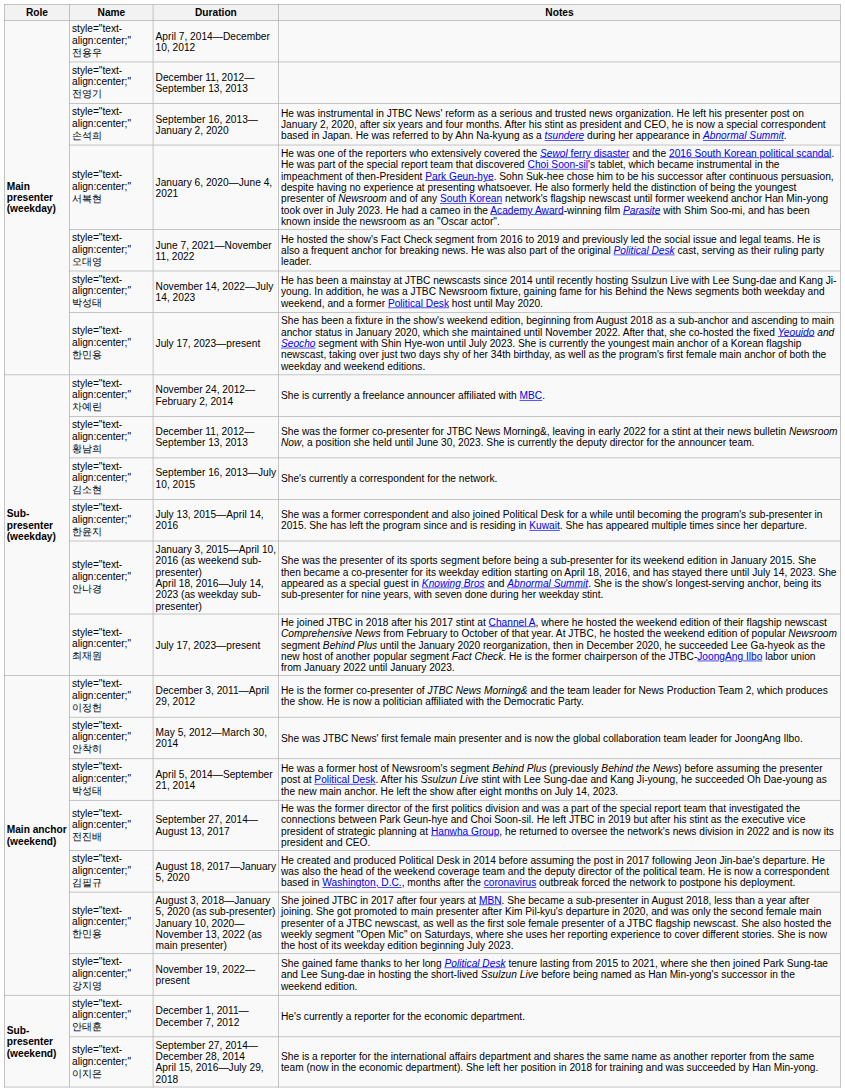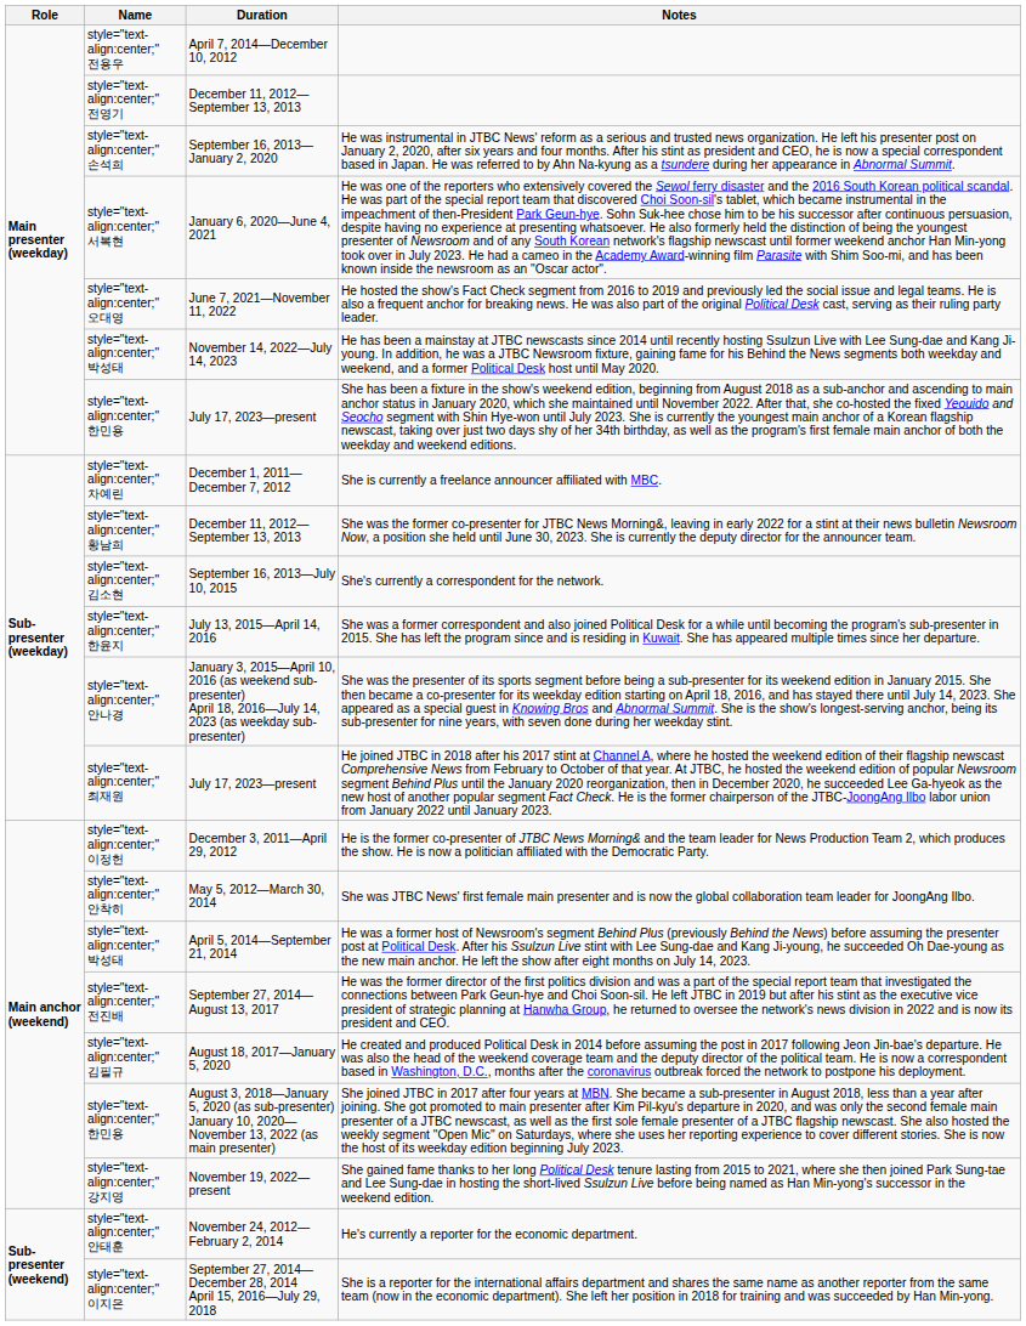 <table class="wikitable" style="font-size:95%">
 <tr>
 <th>Role</th>
 <th style="width:10%; text-align:center;">Name</th>
 <th style="width:15%; text-align:center;">Duration</th>
 <th>Notes</th>
 </tr>
 <tr>
 <td rowspan="7"><strong>Main presenter (weekday)</strong></td>
 <td>style="text-align:center;" <br>전용우</td>
 <td>April 7, 2014—December 10, 2012</td>
 <td></td>
 </tr>
 <tr>
 <td>style="text-align:center;" <br>전영기</td>
 <td>December 11, 2012—September 13, 2013</td>
 <td></td>
 </tr>
 <tr>
 <td>style="text-align:center;" <br>손석희</td>
 <td>September 16, 2013—January 2, 2020</td>
 <td>He was instrumental in JTBC News' reform as a serious and trusted news organization. He left his presenter post on January 2, 2020, after six years and four months. After his stint as president and CEO, he is now a special correspondent based in Japan. He was referred to by Ahn Na-kyung as a <em><a href='#'>tsundere</a></em> during her appearance in <em><a href='#'>Abnormal Summit</a></em>.</td>
 </tr>
 <tr>
 <td>style="text-align:center;" <br>서복현</td>
 <td>January 6, 2020—June 4, 2021</td>
 <td>He was one of the reporters who extensively covered the <a href='#'><em>Sewol</em> ferry disaster</a> and the <a href='#'>2016 South Korean political scandal</a>. He was part of the special report team that discovered <a href='#'>Choi Soon-sil</a>'s tablet, which became instrumental in the impeachment of then-President <a href='#'>Park Geun-hye</a>. Sohn Suk-hee chose him to be his successor after continuous persuasion, despite having no experience at presenting whatsoever. He also formerly held the distinction of being the youngest presenter of <em>Newsroom</em> and of any <a href='#'>South Korean</a> network's flagship newscast until former weekend anchor Han Min-yong took over in July 2023. He had a cameo in the <a href='#'>Academy Award</a>-winning film <em><a href='#'>Parasite</a></em> with Shim Soo-mi, and has been known inside the newsroom as an "Oscar actor".</td>
 </tr>
 <tr>
 <td>style="text-align:center;" <br>오대영</td>
 <td>June 7, 2021—November 11, 2022</td>
 <td>He hosted the show's Fact Check segment from 2016 to 2019 and previously led the social issue and legal teams. He is also a frequent anchor for breaking news. He was also part of the original <em><a href='#'>Political Desk</a></em> cast, serving as their ruling party leader.</td>
 </tr>
 <tr>
 <td>style="text-align:center;" <br>박성태</td>
 <td>November 14, 2022—July 14, 2023</td>
 <td>He has been a mainstay at JTBC newscasts since 2014 until recently hosting Ssulzun Live with Lee Sung-dae and Kang Ji-young. In addition, he was a JTBC Newsroom fixture, gaining fame for his Behind the News segments both weekday and weekend, and a former <a href='#'>Political Desk</a> host until May 2020.</td>
 </tr>
 <tr>
 <td>style="text-align:center;" <br>한민용</td>
 <td>July 17, 2023—present</td>
 <td>She has been a fixture in the show's weekend edition, beginning from August 2018 as a sub-anchor and ascending to main anchor status in January 2020, which she maintained until November 2022. After that, she co-hosted the fixed <em><a href='#'>Yeouido</a></em> <em>and <a href='#'>Seocho</a></em> segment with Shin Hye-won until July 2023. She is currently the youngest main anchor of a Korean flagship newscast, taking over just two days shy of her 34th birthday, as well as the program's first female main anchor of both the weekday and weekend editions.</td>
 </tr>
 <tr>
 <td rowspan="6"><strong>Sub-presenter (weekday)</strong></td>
 <td>style="text-align:center;" <br>차예린</td>
-<td>November 24, 2012—February 2, 2014</td>
+<td>December 1, 2011—December 7, 2012</td>
 <td>She is currently a freelance announcer affiliated with <a href='#'>MBC</a>.</td>
 </tr>
 <tr>
 <td>style="text-align:center;" <br>황남희</td>
 <td>December 11, 2012—September 13, 2013</td>
 <td>She was the former co-presenter for JTBC News Morning&, leaving in early 2022 for a stint at their news bulletin <em>Newsroom Now</em>, a position she held until June 30, 2023. She is currently the deputy director for the announcer team.</td>
 </tr>
 <tr>
 <td>style="text-align:center;" <br>김소현</td>
 <td>September 16, 2013—July 10, 2015</td>
 <td>She's currently a correspondent for the network.</td>
 </tr>
 <tr>
 <td>style="text-align:center;" <br>한윤지</td>
 <td>July 13, 2015—April 14, 2016</td>
 <td>She was a former correspondent and also joined Political Desk for a while until becoming the program's sub-presenter in 2015. She has left the program since and is residing in <a href='#'>Kuwait</a>. She has appeared multiple times since her departure.</td>
 </tr>
 <tr>
 <td>style="text-align:center;" <br>안나경</td>
 <td>January 3, 2015—April 10, 2016 (as weekend sub-presenter)<br>April 18, 2016—July 14, 2023 (as weekday sub-presenter)</td>
 <td>She was the presenter of its sports segment before being a sub-presenter for its weekend edition in January 2015. She then became a co-presenter for its weekday edition starting on April 18, 2016, and has stayed there until July 14, 2023. She appeared as a special guest in <em><a href='#'>Knowing Bros</a></em> and <em><a href='#'>Abnormal Summit</a></em>. She is the show's longest-serving anchor, being its sub-presenter for nine years, with seven done during her weekday stint.</td>
 </tr>
 <tr>
 <td>style="text-align:center;" <br>최재원</td>
 <td>July 17, 2023—present</td>
 <td>He joined JTBC in 2018 after his 2017 stint at <a href='#'>Channel A</a>, where he hosted the weekend edition of their flagship newscast <em>Comprehensive News</em> from February to October of that year. At JTBC, he hosted the weekend edition of popular <em>Newsroom</em> segment <em>Behind Plus</em> until the January 2020 reorganization, then in December 2020, he succeeded Lee Ga-hyeok as the new host of another popular segment <em>Fact Check</em>. He is the former chairperson of the JTBC-<a href='#'>JoongAng Ilbo</a> labor union from January 2022 until January 2023.</td>
 </tr>
 <tr>
 <td rowspan="7"><strong>Main anchor (weekend)</strong></td>
 <td>style="text-align:center;" <br>이정헌</td>
 <td>December 3, 2011—April 29, 2012</td>
 <td>He is the former co-presenter of <em>JTBC News Morning&</em> and the team leader for News Production Team 2, which produces the show. He is now a politician affiliated with the Democratic Party.</td>
 </tr>
 <tr>
 <td>style="text-align:center;" <br>안착히</td>
 <td>May 5, 2012—March 30, 2014</td>
 <td>She was JTBC News' first female main presenter and is now the global collaboration team leader for JoongAng Ilbo.</td>
 </tr>
 <tr>
 <td>style="text-align:center;" <br>박성태</td>
 <td>April 5, 2014—September 21, 2014</td>
 <td>He was a former host of Newsroom's segment <em>Behind Plus</em> (previously <em>Behind the News</em>) before assuming the presenter post at <a href='#'>Political Desk</a>. After his <em>Ssulzun Live</em> stint with Lee Sung-dae and Kang Ji-young, he succeeded Oh Dae-young as the new main anchor. He left the show after eight months on July 14, 2023.</td>
 </tr>
 <tr>
 <td>style="text-align:center;" <br>전진배</td>
 <td>September 27, 2014—August 13, 2017</td>
 <td>He was the former director of the first politics division and was a part of the special report team that investigated the connections between Park Geun-hye and Choi Soon-sil. He left JTBC in 2019 but after his stint as the executive vice president of strategic planning at <a href='#'>Hanwha Group</a>, he returned to oversee the network's news division in 2022 and is now its president and CEO.</td>
 </tr>
 <tr>
 <td>style="text-align:center;" <br>김필규</td>
 <td>August 18, 2017—January 5, 2020</td>
 <td>He created and produced Political Desk in 2014 before assuming the post in 2017 following Jeon Jin-bae's departure. He was also the head of the weekend coverage team and the deputy director of the political team. He is now a correspondent based in <a href='#'>Washington, D.C.</a>, months after the <a href='#'>coronavirus</a> outbreak forced the network to postpone his deployment.</td>
 </tr>
 <tr>
 <td>style="text-align:center;" <br>한민용</td>
 <td>August 3, 2018—January 5, 2020 (as sub-presenter)<br>January 10, 2020—November 13, 2022 (as main presenter)</td>
 <td>She joined JTBC in 2017 after four years at <a href='#'>MBN</a>. She became a sub-presenter in August 2018, less than a year after joining. She got promoted to main presenter after Kim Pil-kyu's departure in 2020, and was only the second female main presenter of a JTBC newscast, as well as the first sole female presenter of a JTBC flagship newscast. She also hosted the weekly segment "Open Mic" on Saturdays, where she uses her reporting experience to cover different stories. She is now the host of its weekday edition beginning July 2023.</td>
 </tr>
 <tr>
 <td>style="text-align:center;" <br>강지영</td>
 <td>November 19, 2022—present</td>
 <td>She gained fame thanks to her long <em><a href='#'>Political Desk</a></em> tenure lasting from 2015 to 2021, where she then joined Park Sung-tae and Lee Sung-dae in hosting the short-lived <em>Ssulzun Live</em> before being named as Han Min-yong's successor in the weekend edition.</td>
 </tr>
 <tr>
 <td rowspan="2"><strong>Sub-presenter (weekend)</strong></td>
 <td>style="text-align:center;" <br>안태훈</td>
-<td>December 1, 2011—December 7, 2012</td>
+<td>November 24, 2012—February 2, 2014</td>
 <td>He's currently a reporter for the economic department.</td>
 </tr>
 <tr>
 <td>style="text-align:center;" <br>이지은</td>
 <td>September 27, 2014—December 28, 2014<br>April 15, 2016—July 29, 2018</td>
 <td>She is a reporter for the international affairs department and shares the same name as another reporter from the same team (now in the economic department). She left her position in 2018 for training and was succeeded by Han Min-yong.</td>
 </tr>
 </table>
